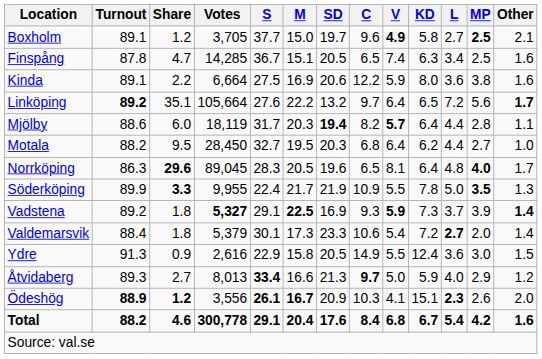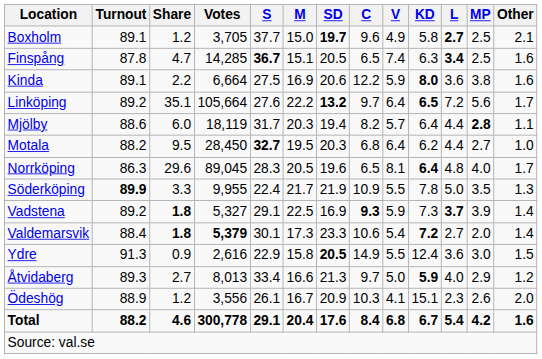 <table class="wikitable sortable" style=text-align:right>
 <tr>
 <th>Location</th>
 <th>Turnout</th>
 <th>Share</th>
 <th>Votes</th>
 <th><a href='#'>S</a></th>
 <th><a href='#'>M</a></th>
 <th><a href='#'>SD</a></th>
 <th><a href='#'>C</a></th>
 <th><a href='#'>V</a></th>
 <th><a href='#'>KD</a></th>
 <th><a href='#'>L</a></th>
 <th><a href='#'>MP</a></th>
 <th>Other</th>
 </tr>
 <tr>
 <td align=left><a href='#'>Boxholm</a></td>
 <td>89.1</td>
 <td>1.2</td>
 <td>3,705</td>
 <td>37.7</td>
 <td>15.0</td>
-<td>19.7</td>
+<td><strong>19.7</strong></td>
 <td>9.6</td>
-<td><strong>4.9</strong></td>
+<td>4.9</td>
 <td>5.8</td>
-<td>2.7</td>
-<td><strong>2.5</strong></td>
+<td><strong>2.7</strong></td>
+<td>2.5</td>
 <td>2.1</td>
 </tr>
 <tr>
 <td align=left><a href='#'>Finspång</a></td>
 <td>87.8</td>
 <td>4.7</td>
 <td>14,285</td>
-<td>36.7</td>
+<td><strong>36.7</strong></td>
 <td>15.1</td>
 <td>20.5</td>
 <td>6.5</td>
 <td>7.4</td>
 <td>6.3</td>
-<td>3.4</td>
+<td><strong>3.4</strong></td>
 <td>2.5</td>
 <td>1.6</td>
 </tr>
 <tr>
 <td align=left><a href='#'>Kinda</a></td>
 <td>89.1</td>
 <td>2.2</td>
 <td>6,664</td>
 <td>27.5</td>
 <td>16.9</td>
 <td>20.6</td>
 <td>12.2</td>
 <td>5.9</td>
-<td>8.0</td>
+<td><strong>8.0</strong></td>
 <td>3.6</td>
 <td>3.8</td>
 <td>1.6</td>
 </tr>
 <tr>
 <td align=left><a href='#'>Linköping</a></td>
-<td><strong>89.2</strong></td>
+<td>89.2</td>
 <td>35.1</td>
 <td>105,664</td>
 <td>27.6</td>
 <td>22.2</td>
-<td>13.2</td>
+<td><strong>13.2</strong></td>
 <td>9.7</td>
 <td>6.4</td>
-<td>6.5</td>
+<td><strong>6.5</strong></td>
 <td>7.2</td>
 <td>5.6</td>
-<td><strong>1.7</strong></td>
+<td>1.7</td>
 </tr>
 <tr>
 <td align=left><a href='#'>Mjölby</a></td>
 <td>88.6</td>
 <td>6.0</td>
 <td>18,119</td>
 <td>31.7</td>
 <td>20.3</td>
-<td><strong>19.4</strong></td>
+<td>19.4</td>
 <td>8.2</td>
-<td><strong>5.7</strong></td>
+<td>5.7</td>
 <td>6.4</td>
 <td>4.4</td>
-<td>2.8</td>
+<td><strong>2.8</strong></td>
 <td>1.1</td>
 </tr>
 <tr>
 <td align=left><a href='#'>Motala</a></td>
 <td>88.2</td>
 <td>9.5</td>
 <td>28,450</td>
-<td>32.7</td>
+<td><strong>32.7</strong></td>
 <td>19.5</td>
 <td>20.3</td>
 <td>6.8</td>
 <td>6.4</td>
 <td>6.2</td>
 <td>4.4</td>
 <td>2.7</td>
 <td>1.0</td>
 </tr>
 <tr>
 <td align=left><a href='#'>Norrköping</a></td>
 <td>86.3</td>
-<td><strong>29.6</strong></td>
+<td>29.6</td>
 <td>89,045</td>
 <td>28.3</td>
 <td>20.5</td>
 <td>19.6</td>
 <td>6.5</td>
 <td>8.1</td>
-<td>6.4</td>
+<td><strong>6.4</strong></td>
 <td>4.8</td>
-<td><strong>4.0</strong></td>
+<td>4.0</td>
 <td>1.7</td>
 </tr>
 <tr>
 <td align=left><a href='#'>Söderköping</a></td>
-<td>89.9</td>
-<td><strong>3.3</strong></td>
+<td><strong>89.9</strong></td>
+<td>3.3</td>
 <td>9,955</td>
 <td>22.4</td>
 <td>21.7</td>
 <td>21.9</td>
 <td>10.9</td>
 <td>5.5</td>
 <td>7.8</td>
 <td>5.0</td>
-<td><strong>3.5</strong></td>
+<td>3.5</td>
 <td>1.3</td>
 </tr>
 <tr>
 <td align=left><a href='#'>Vadstena</a></td>
 <td>89.2</td>
-<td>1.8</td>
-<td><strong>5,327</strong></td>
+<td><strong>1.8</strong></td>
+<td>5,327</td>
 <td>29.1</td>
-<td><strong>22.5</strong></td>
+<td>22.5</td>
 <td>16.9</td>
-<td>9.3</td>
-<td><strong>5.9</strong></td>
+<td><strong>9.3</strong></td>
+<td>5.9</td>
 <td>7.3</td>
-<td>3.7</td>
+<td><strong>3.7</strong></td>
 <td>3.9</td>
-<td><strong>1.4</strong></td>
+<td>1.4</td>
 </tr>
 <tr>
 <td align=left><a href='#'>Valdemarsvik</a></td>
 <td>88.4</td>
-<td>1.8</td>
-<td>5,379</td>
+<td><strong>1.8</strong></td>
+<td><strong>5,379</strong></td>
 <td>30.1</td>
 <td>17.3</td>
 <td>23.3</td>
 <td>10.6</td>
 <td>5.4</td>
-<td>7.2</td>
-<td><strong>2.7</strong></td>
+<td><strong>7.2</strong></td>
+<td>2.7</td>
 <td>2.0</td>
 <td>1.4</td>
 </tr>
 <tr>
 <td align=left><a href='#'>Ydre</a></td>
 <td>91.3</td>
 <td>0.9</td>
 <td>2,616</td>
 <td>22.9</td>
 <td>15.8</td>
-<td>20.5</td>
+<td><strong>20.5</strong></td>
 <td>14.9</td>
 <td>5.5</td>
 <td>12.4</td>
 <td>3.6</td>
 <td>3.0</td>
 <td>1.5</td>
 </tr>
 <tr>
 <td align=left><a href='#'>Åtvidaberg</a></td>
 <td>89.3</td>
 <td>2.7</td>
 <td>8,013</td>
-<td><strong>33.4</strong></td>
+<td>33.4</td>
 <td>16.6</td>
 <td>21.3</td>
-<td><strong>9.7</strong></td>
+<td>9.7</td>
 <td>5.0</td>
-<td>5.9</td>
+<td><strong>5.9</strong></td>
 <td>4.0</td>
 <td>2.9</td>
 <td>1.2</td>
 </tr>
 <tr>
 <td align=left><a href='#'>Ödeshög</a></td>
-<td><strong>88.9</strong></td>
-<td><strong>1.2</strong></td>
+<td>88.9</td>
+<td>1.2</td>
 <td>3,556</td>
-<td><strong>26.1</strong></td>
-<td><strong>16.7</strong></td>
+<td>26.1</td>
+<td>16.7</td>
 <td>20.9</td>
 <td>10.3</td>
 <td>4.1</td>
 <td>15.1</td>
-<td><strong>2.3</strong></td>
+<td>2.3</td>
 <td>2.6</td>
 <td>2.0</td>
 </tr>
 <tr>
 <td align=left><strong>Total</strong></td>
 <td><strong>88.2</strong></td>
 <td><strong>4.6</strong></td>
 <td><strong>300,778</strong></td>
 <td><strong>29.1</strong></td>
 <td><strong>20.4</strong></td>
 <td><strong>17.6</strong></td>
 <td><strong>8.4</strong></td>
 <td><strong>6.8</strong></td>
 <td><strong>6.7</strong></td>
 <td><strong>5.4</strong></td>
 <td><strong>4.2</strong></td>
 <td><strong>1.6</strong></td>
 </tr>
 <tr>
 <td align=left colspan=13>Source: val.se</td>
 </tr>
 </table>
